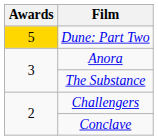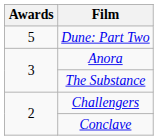 <table class="wikitable plainrowheaders" style="text-align:center;">
 <tr>
 <th scope="col" style="width: 55px;">Awards</th>
 <th scope="col" style="text-align:center;">Film</th>
 </tr>
 <tr>
-<td scope=row style="background: gold; text-align:center">5</td>
+<td scope=row style="text-align:center">5</td>
 <td><em><a href='#'>Dune: Part Two</a></em></td>
 </tr>
 <tr>
 <td scope=row style="text-align:center" rowspan="2">3</td>
 <td><em><a href='#'>Anora</a></em></td>
 </tr>
 <tr>
 <td><em><a href='#'>The Substance</a></em></td>
 </tr>
 <tr>
 <td scope=row style="text-align:center" rowspan="2">2</td>
 <td><em><a href='#'>Challengers</a></em></td>
 </tr>
 <tr>
 <td><em><a href='#'>Conclave</a></em></td>
 </tr>
 </table>
